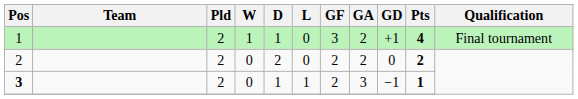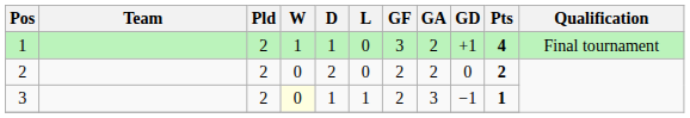 <table class="wikitable" border="1" style="text-align: center;">
 <tr>
 <th width="25"><abbr>Pos</abbr></th>
 <th width="190">Team</th>
 <th width="25"><abbr>Pld</abbr></th>
 <th width="25"><abbr>W</abbr></th>
 <th width="25"><abbr>D</abbr></th>
 <th width="25"><abbr>L</abbr></th>
 <th width="25"><abbr>GF</abbr></th>
 <th width="25"><abbr>GA</abbr></th>
 <th width="25"><abbr>GD</abbr></th>
 <th width="25"><abbr>Pts</abbr></th>
 <th width="150">Qualification</th>
 </tr>
 <tr bgcolor = #BBF3BB>
 <td>1</td>
 <td align="left"></td>
 <td>2</td>
 <td>1</td>
 <td>1</td>
 <td>0</td>
 <td>3</td>
 <td>2</td>
 <td>+1</td>
 <td><strong>4</strong></td>
 <td>Final tournament</td>
 </tr>
 <tr>
 <td>2</td>
 <td align="left"></td>
 <td>2</td>
 <td>0</td>
 <td>2</td>
 <td>0</td>
 <td>2</td>
 <td>2</td>
 <td>0</td>
 <td><strong>2</strong></td>
 </tr>
 <tr>
-<td><strong>3</strong></td>
+<td>3</td>
 <td align="left"></td>
 <td>2</td>
-<td>0</td>
+<td style="background: lightyellow;">0</td>
 <td>1</td>
 <td>1</td>
 <td>2</td>
 <td>3</td>
 <td>−1</td>
 <td><strong>1</strong></td>
 </tr>
 <tr>
 </tr>
 </table>
